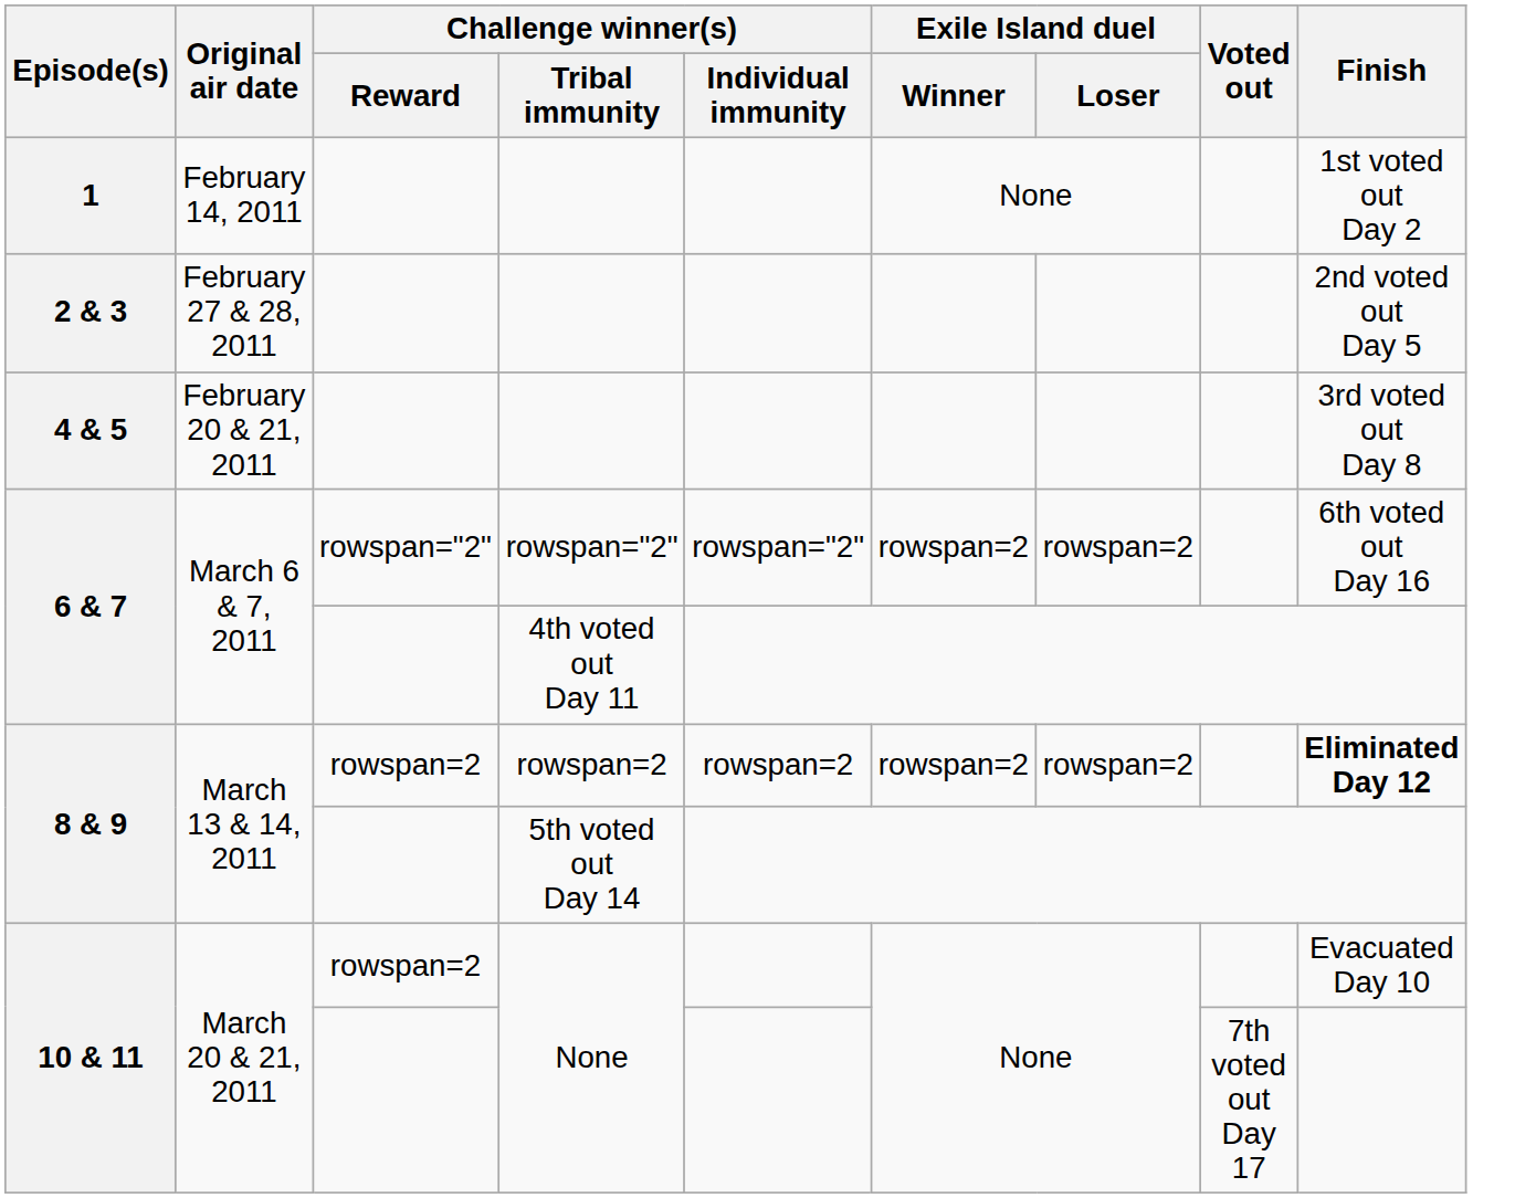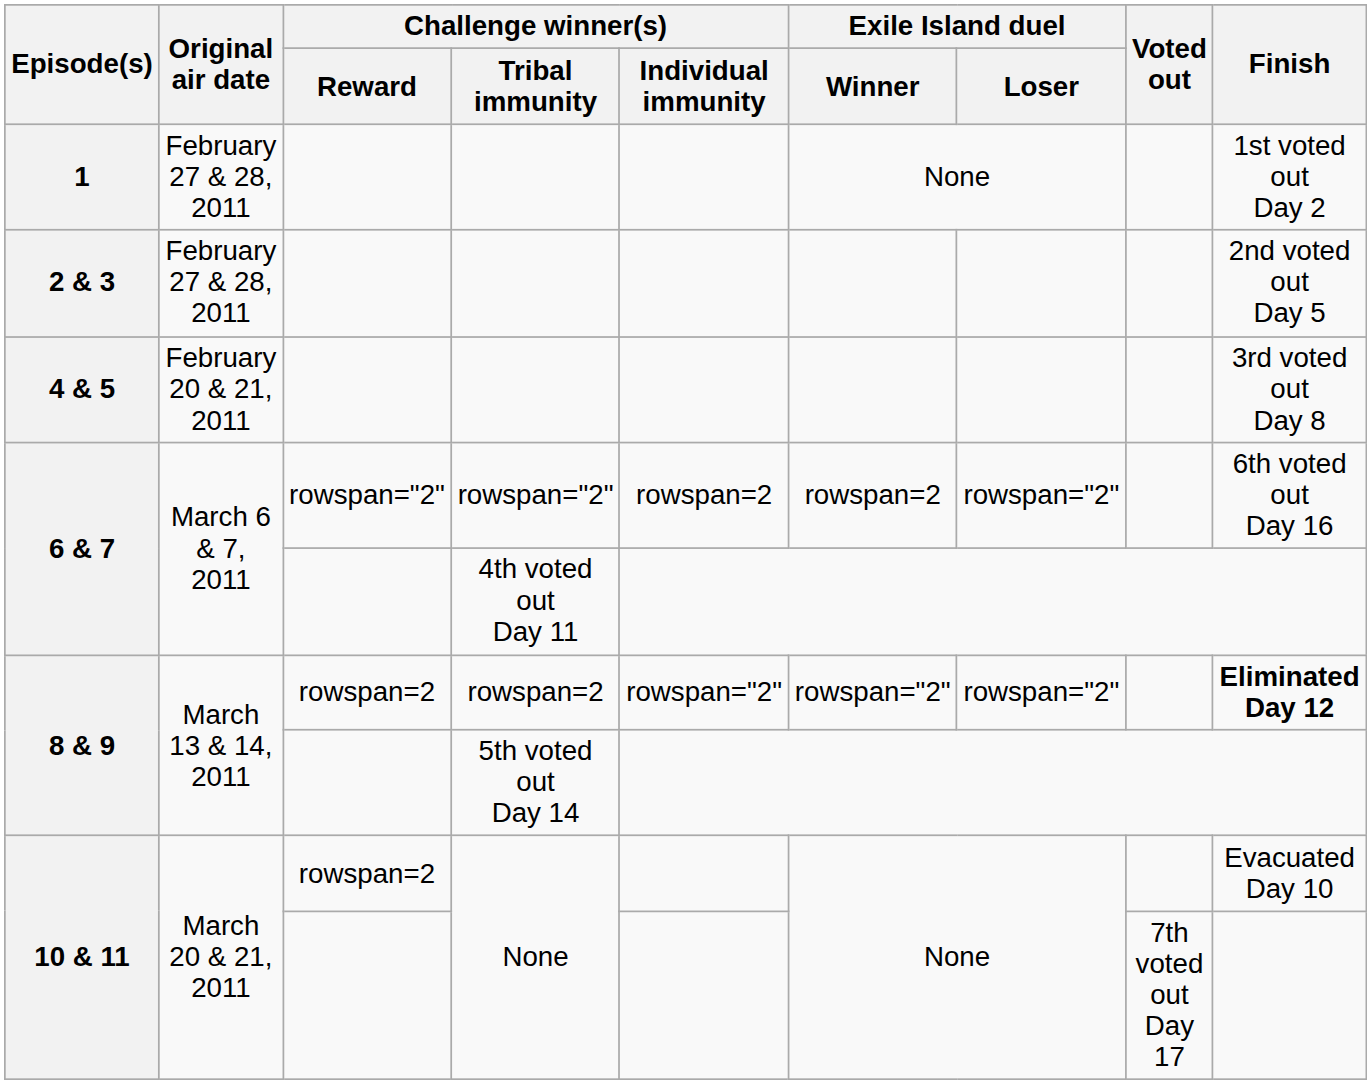 <table class="wikitable nowrap" style="margin:auto;text-align:center">
 <tr>
 <th rowspan="2">Episode(s)</th>
 <th rowspan="2">Original air date</th>
 <th colspan="3">Challenge winner(s)</th>
 <th colspan="2">Exile Island duel</th>
 <th rowspan="2">Voted out</th>
 <th rowspan="2">Finish</th>
 </tr>
 <tr>
 <th>Reward</th>
 <th>Tribal<br>immunity</th>
 <th>Individual<br>immunity</th>
 <th>Winner</th>
 <th>Loser</th>
 </tr>
 <tr>
 <th>1</th>
-<td>February 14, 2011</td>
+<td>February 27 & 28, 2011</td>
 <td></td>
 <td></td>
 <td></td>
 <td colspan="2">None</td>
 <td></td>
 <td>1st voted out<br>Day 2</td>
 </tr>
 <tr>
 <th>2 & 3</th>
 <td>February 27 & 28, 2011</td>
 <td></td>
 <td></td>
 <td></td>
 <td></td>
 <td></td>
 <td></td>
 <td>2nd voted out<br>Day 5</td>
 </tr>
 <tr>
 <th>4 & 5</th>
 <td>February 20 & 21, 2011</td>
 <td></td>
 <td></td>
 <td></td>
 <td></td>
 <td></td>
 <td></td>
 <td>3rd voted out<br>Day 8</td>
 </tr>
 <tr>
 <th rowspan="2">6 & 7</th>
 <td rowspan="2">March 6 & 7, 2011</td>
 <td>rowspan="2" </td>
 <td>rowspan="2" </td>
-<td>rowspan="2" </td>
 <td>rowspan=2 </td>
 <td>rowspan=2 </td>
+<td>rowspan="2" </td>
 <td></td>
 <td>6th voted out<br>Day 16</td>
 </tr>
 <tr>
 <td></td>
 <td>4th voted out<br>Day 11</td>
 </tr>
 <tr>
 <th rowspan="2">8 & 9</th>
 <td rowspan="2">March 13 & 14, 2011</td>
 <td>rowspan=2 </td>
 <td>rowspan=2 </td>
-<td>rowspan=2 </td>
-<td>rowspan=2 </td>
-<td>rowspan=2 </td>
+<td>rowspan="2" </td>
+<td>rowspan="2" </td>
+<td>rowspan="2" </td>
 <td></td>
 <td><strong>Eliminated<br>Day 12</strong></td>
 </tr>
 <tr>
 <td></td>
 <td>5th voted out<br>Day 14</td>
 </tr>
 <tr>
 <th rowspan=2>10 & 11</th>
 <td rowspan=2>March 20 & 21, 2011</td>
 <td>rowspan=2 </td>
 <td rowspan=2>None</td>
 <td></td>
 <td rowspan=2 colspan=2>None</td>
 <td></td>
 <td>Evacuated<br>Day 10</td>
 </tr>
 <tr>
 <td></td>
 <td></td>
 <td>7th voted out<br>Day 17</td>
 </tr>
 </table>
